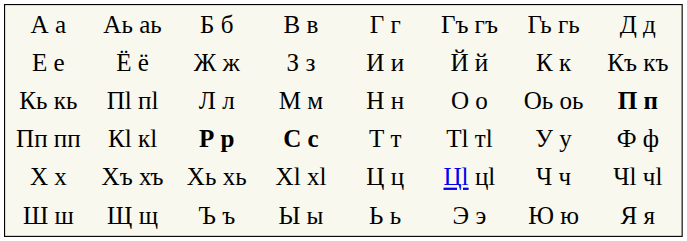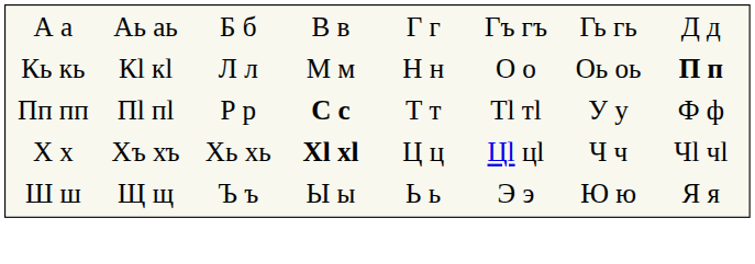 <table style="font-family:Arial Unicode MS; font-size:1.4em; border-color:#000000; border-width:1px; border-style:solid; background-color:#F8F8EF">
 <tr>
 <td style="width:3em; text-align:center; padding: 3px;">А а</td>
 <td style="width:3em; text-align:center; padding: 3px;">Аь аь</td>
 <td style="width:3em; text-align:center; padding: 3px;">Б б</td>
 <td style="width:3em; text-align:center; padding: 3px;">В в</td>
 <td style="width:3em; text-align:center; padding: 3px;">Г г</td>
 <td style="width:3em; text-align:center; padding: 3px;">Гъ гъ</td>
 <td style="width:3em; text-align:center; padding: 3px;">Гь гь</td>
 <td style="width:3em; text-align:center; padding: 3px;">Д д</td>
 </tr>
 <tr>
-<td style="width:3em; text-align:center; padding: 3px;">Е е</td>
-<td style="width:3em; text-align:center; padding: 3px;">Ё ё</td>
-<td style="width:3em; text-align:center; padding: 3px;">Ж ж</td>
-<td style="width:3em; text-align:center; padding: 3px;">З з</td>
-<td style="width:3em; text-align:center; padding: 3px;">И и</td>
-<td style="width:3em; text-align:center; padding: 3px;">Й й</td>
-<td style="width:3em; text-align:center; padding: 3px;">К к</td>
-<td style="width:3em; text-align:center; padding: 3px;">Къ къ</td>
-</tr>
-<tr>
 <td style="width:3em; text-align:center; padding: 3px;">Кь кь</td>
-<td style="width:3em; text-align:center; padding: 3px;">Пӏ пӏ</td>
+<td style="width:3em; text-align:center; padding: 3px;">Кӏ кӏ</td>
 <td style="width:3em; text-align:center; padding: 3px;">Л л</td>
 <td style="width:3em; text-align:center; padding: 3px;">М м</td>
 <td style="width:3em; text-align:center; padding: 3px;">Н н</td>
 <td style="width:3em; text-align:center; padding: 3px;">О о</td>
 <td style="width:3em; text-align:center; padding: 3px;">Оь оь</td>
 <td style="width:3em; text-align:center; padding: 3px;"><strong>П п</strong></td>
 </tr>
 <tr>
 <td style="width:3em; text-align:center; padding: 3px;">Пп пп</td>
-<td style="width:3em; text-align:center; padding: 3px;">Кӏ кӏ</td>
-<td style="width:3em; text-align:center; padding: 3px;"><strong>Р р</strong></td>
+<td style="width:3em; text-align:center; padding: 3px;">Пӏ пӏ</td>
+<td style="width:3em; text-align:center; padding: 3px;">Р р</td>
 <td style="width:3em; text-align:center; padding: 3px;"><strong>С с</strong></td>
 <td style="width:3em; text-align:center; padding: 3px;">Т т</td>
 <td style="width:3em; text-align:center; padding: 3px;">Тӏ тӏ</td>
 <td style="width:3em; text-align:center; padding: 3px;">У у</td>
 <td style="width:3em; text-align:center; padding: 3px;">Ф ф</td>
 </tr>
 <tr>
 <td style="width:3em; text-align:center; padding: 3px;">Х х</td>
 <td style="width:3em; text-align:center; padding: 3px;">Хъ хъ</td>
 <td style="width:3em; text-align:center; padding: 3px;">Хь хь</td>
-<td style="width:3em; text-align:center; padding: 3px;">Хӏ хӏ</td>
+<td style="width:3em; text-align:center; padding: 3px;"><strong>Хӏ хӏ</strong></td>
 <td style="width:3em; text-align:center; padding: 3px;">Ц ц</td>
 <td style="width:3em; text-align:center; padding: 3px;"><a href='#'>Цӏ</a> цӏ</td>
 <td style="width:3em; text-align:center; padding: 3px;">Ч ч</td>
 <td style="width:3em; text-align:center; padding: 3px;">Чӏ чӏ</td>
 </tr>
 <tr>
 <td style="width:3em; text-align:center; padding: 3px;">Ш ш</td>
 <td style="width:3em; text-align:center; padding: 3px;">Щ щ</td>
 <td style="width:3em; text-align:center; padding: 3px;">Ъ ъ</td>
 <td style="width:3em; text-align:center; padding: 3px;">Ы ы</td>
 <td style="width:3em; text-align:center; padding: 3px;">Ь ь</td>
 <td style="width:3em; text-align:center; padding: 3px;">Э э</td>
 <td style="width:3em; text-align:center; padding: 3px;">Ю ю</td>
 <td style="width:3em; text-align:center; padding: 3px;">Я я</td>
 </tr>
 </table>
